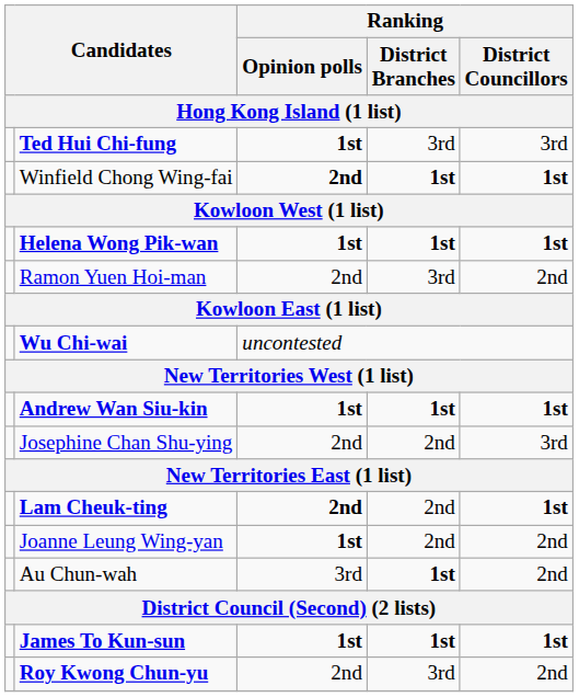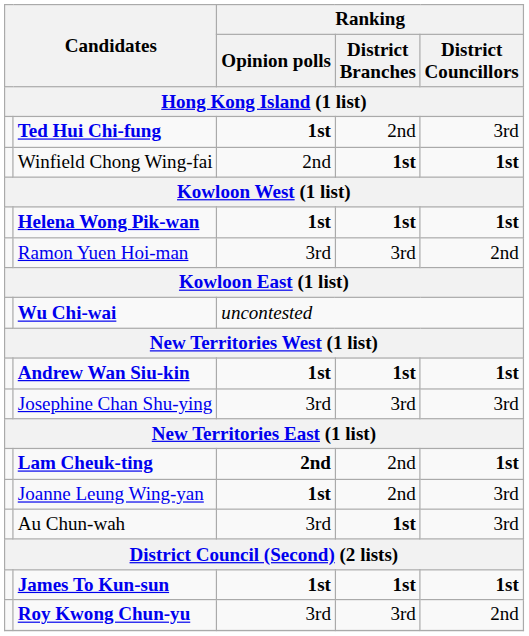 <table class="wikitable" style="text-align:right">
 <tr>
 <th rowspan=2 colspan=2>Candidates</th>
 <th colspan=3>Ranking</th>
 </tr>
 <tr>
 <th>Opinion polls</th>
 <th>District<br>Branches</th>
 <th>District<br>Councillors</th>
 </tr>
 <tr>
 <th colspan=6><a href='#'>Hong Kong Island</a> (1 list)</th>
 </tr>
 <tr>
 <td></td>
 <td align=left><strong><a href='#'>Ted Hui Chi-fung</a></strong></td>
 <td><strong>1st</strong></td>
-<td>3rd</td>
+<td>2nd</td>
 <td>3rd</td>
 </tr>
 <tr>
 <td></td>
 <td align=left>Winfield Chong Wing-fai</td>
-<td><strong>2nd</strong></td>
+<td>2nd</td>
 <td><strong>1st</strong></td>
 <td><strong>1st</strong></td>
 </tr>
 <tr>
 <th colspan=6><a href='#'>Kowloon West</a> (1 list)</th>
 </tr>
 <tr>
 <td></td>
 <td align=left><strong><a href='#'>Helena Wong Pik-wan</a></strong></td>
 <td><strong>1st</strong></td>
 <td><strong>1st</strong></td>
 <td><strong>1st</strong></td>
 </tr>
 <tr>
 <td></td>
 <td align=left><a href='#'>Ramon Yuen Hoi-man</a></td>
-<td>2nd</td>
+<td>3rd</td>
 <td>3rd</td>
 <td>2nd</td>
 </tr>
 <tr>
 <th colspan=6><a href='#'>Kowloon East</a> (1 list)</th>
 </tr>
 <tr>
 <td></td>
 <td align=left><strong><a href='#'>Wu Chi-wai</a></strong></td>
 <td colspan=4 align=left><em>uncontested</em></td>
 </tr>
 <tr>
 <th colspan=6><a href='#'>New Territories West</a> (1 list)</th>
 </tr>
 <tr>
 <td></td>
 <td align=left><strong><a href='#'>Andrew Wan Siu-kin</a></strong></td>
 <td><strong>1st</strong></td>
 <td><strong>1st</strong></td>
 <td><strong>1st</strong></td>
 </tr>
 <tr>
 <td></td>
 <td align=left><a href='#'>Josephine Chan Shu-ying</a></td>
-<td>2nd</td>
-<td>2nd</td>
+<td>3rd</td>
+<td>3rd</td>
 <td>3rd</td>
 </tr>
 <tr>
 <th colspan=6><a href='#'>New Territories East</a> (1 list)</th>
 </tr>
 <tr>
 <td></td>
 <td align=left><strong><a href='#'>Lam Cheuk-ting</a></strong></td>
 <td><strong>2nd</strong></td>
 <td>2nd</td>
 <td><strong>1st</strong></td>
 </tr>
 <tr>
 <td></td>
 <td align=left><a href='#'>Joanne Leung Wing-yan</a></td>
 <td><strong>1st</strong></td>
 <td>2nd</td>
-<td>2nd</td>
+<td>3rd</td>
 </tr>
 <tr>
 <td></td>
 <td align=left>Au Chun-wah</td>
 <td>3rd</td>
 <td><strong>1st</strong></td>
-<td>2nd</td>
+<td>3rd</td>
 </tr>
 <tr>
 <th colspan=6><a href='#'>District Council (Second)</a> (2 lists)</th>
 </tr>
 <tr>
 <td></td>
 <td align=left><strong><a href='#'>James To Kun-sun</a></strong></td>
 <td><strong>1st</strong></td>
 <td><strong>1st</strong></td>
 <td><strong>1st</strong></td>
 </tr>
 <tr>
 <td></td>
 <td align=left><strong><a href='#'>Roy Kwong Chun-yu</a></strong></td>
-<td>2nd</td>
+<td>3rd</td>
 <td>3rd</td>
 <td>2nd</td>
 </tr>
 <tr>
 </tr>
 </table>
